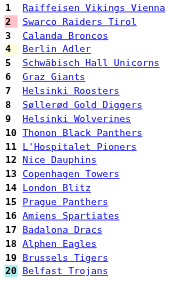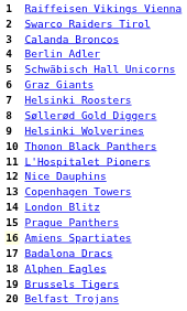 <table>
 <tr>
 <th></th>
 <th></th>
 <th></th>
 </tr>
 <tr>
 <td><strong>1</strong></td>
 <td></td>
 <td><a href='#'>Raiffeisen Vikings Vienna</a></td>
 </tr>
 <tr>
-<td style="background: pink;"><strong>2</strong></td>
+<td><strong>2</strong></td>
 <td></td>
 <td><a href='#'>Swarco Raiders Tirol</a></td>
 </tr>
 <tr>
 <td><strong>3</strong></td>
 <td></td>
 <td><a href='#'>Calanda Broncos</a></td>
 </tr>
 <tr>
-<td style="background: lightyellow;"><strong>4</strong></td>
+<td><strong>4</strong></td>
 <td></td>
 <td><a href='#'>Berlin Adler</a></td>
 </tr>
 <tr>
 <td><strong>5</strong></td>
 <td></td>
 <td><a href='#'>Schwäbisch Hall Unicorns</a></td>
 </tr>
 <tr>
 <td><strong>6</strong></td>
 <td></td>
 <td><a href='#'>Graz Giants</a></td>
 </tr>
 <tr>
 <td><strong>7</strong></td>
 <td></td>
 <td><a href='#'>Helsinki Roosters</a></td>
 </tr>
 <tr>
 <td><strong>8</strong></td>
 <td></td>
 <td><a href='#'>Søllerød Gold Diggers</a></td>
 </tr>
 <tr>
 <td><strong>9</strong></td>
 <td></td>
 <td><a href='#'>Helsinki Wolverines</a></td>
 </tr>
 <tr>
 <td><strong>10</strong></td>
 <td></td>
 <td><a href='#'>Thonon Black Panthers</a></td>
 </tr>
 <tr>
 <td><strong>11</strong></td>
 <td></td>
 <td><a href='#'>L'Hospitalet Pioners</a></td>
 </tr>
 <tr>
 <td><strong>12</strong></td>
 <td></td>
 <td><a href='#'>Nice Dauphins</a></td>
 </tr>
 <tr>
 <td><strong>13</strong></td>
 <td></td>
 <td><a href='#'>Copenhagen Towers</a></td>
 </tr>
 <tr>
 <td><strong>14</strong></td>
 <td></td>
 <td><a href='#'>London Blitz</a></td>
 </tr>
 <tr>
 <td><strong>15</strong></td>
 <td></td>
 <td><a href='#'>Prague Panthers</a></td>
 </tr>
 <tr>
-<td><strong>16</strong></td>
+<td style="background: lightyellow;"><strong>16</strong></td>
 <td></td>
 <td><a href='#'>Amiens Spartiates</a></td>
 </tr>
 <tr>
 <td><strong>17</strong></td>
 <td></td>
 <td><a href='#'>Badalona Dracs</a></td>
 </tr>
 <tr>
 <td><strong>18</strong></td>
 <td></td>
 <td><a href='#'>Alphen Eagles</a></td>
 </tr>
 <tr>
 <td><strong>19</strong></td>
 <td></td>
 <td><a href='#'>Brussels Tigers</a></td>
 </tr>
 <tr>
-<td style="background: paleturquoise;"><strong>20</strong></td>
+<td><strong>20</strong></td>
 <td></td>
 <td><a href='#'>Belfast Trojans</a></td>
 </tr>
 <tr>
 </tr>
 </table>
